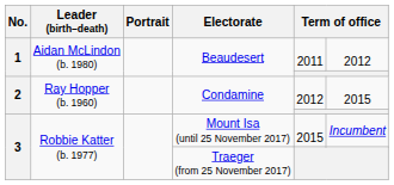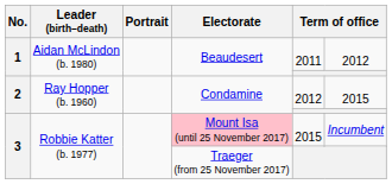 <table class="wikitable" style="text-align:center; font-size: 95%">
 <tr>
 <th>No.</th>
 <th>Leader<br><small>(birth–death)</small></th>
 <th>Portrait</th>
 <th>Electorate</th>
 <th colspan=2 scope="col">Term of office</th>
 </tr>
 <tr>
 <th rowspan=2>1</th>
 <td rowspan=2><a href='#'>Aidan McLindon</a><br><small>(b. 1980)</small></td>
 <td rowspan=2></td>
 <td rowspan=2><a href='#'>Beaudesert</a></td>
 <td><br>2011</td>
 <td><br>2012</td>
 </tr>
 <tr>
 <th colspan=2 style="font-size:90%; font-weight:normal"></th>
 </tr>
 <tr>
 <th rowspan=2>2</th>
 <td rowspan=2><a href='#'>Ray Hopper</a><br><small>(b. 1960)</small></td>
 <td rowspan=2></td>
 <td rowspan=2><a href='#'>Condamine</a></td>
 <td><br>2012</td>
 <td><br>2015</td>
 </tr>
 <tr>
 <th colspan=2 style="font-size:90%; font-weight:normal"></th>
 </tr>
 <tr>
 <th rowspan=3>3</th>
 <td rowspan=3><a href='#'>Robbie Katter</a><br><small>(b. 1977)</small></td>
 <td rowspan=3></td>
-<td><a href='#'>Mount Isa</a><br><small>(until 25 November 2017)</small></td>
+<td style="background: pink;"><a href='#'>Mount Isa</a><br><small>(until 25 November 2017)</small></td>
 <td rowspan=2><br>2015</td>
 <td rowspan=2><em><a href='#'>Incumbent</a></em></td>
 </tr>
 <tr>
 <td rowspan=2><a href='#'>Traeger</a><br><small>(from 25 November 2017)</small></td>
 </tr>
 <tr>
 <th colspan=2 style="font-size:90%; font-weight:normal"></th>
 </tr>
 </table>
